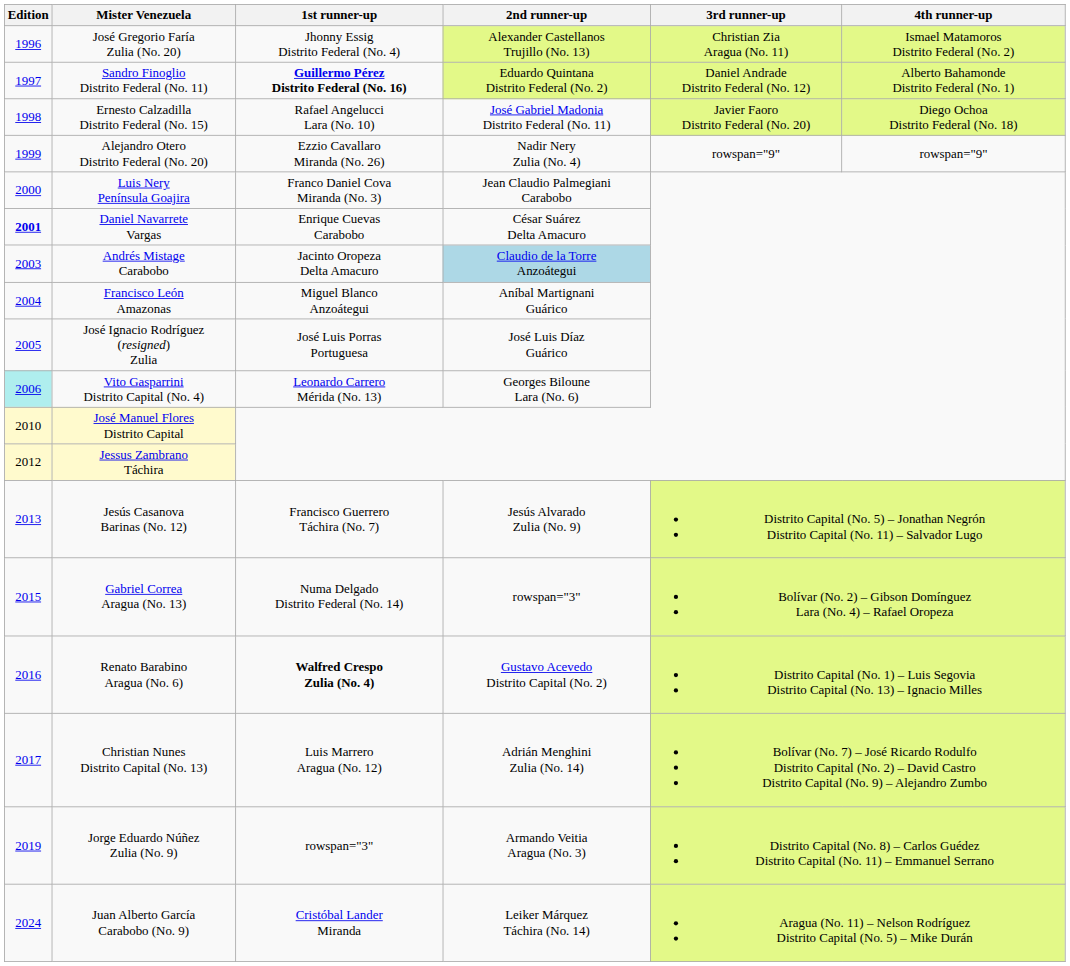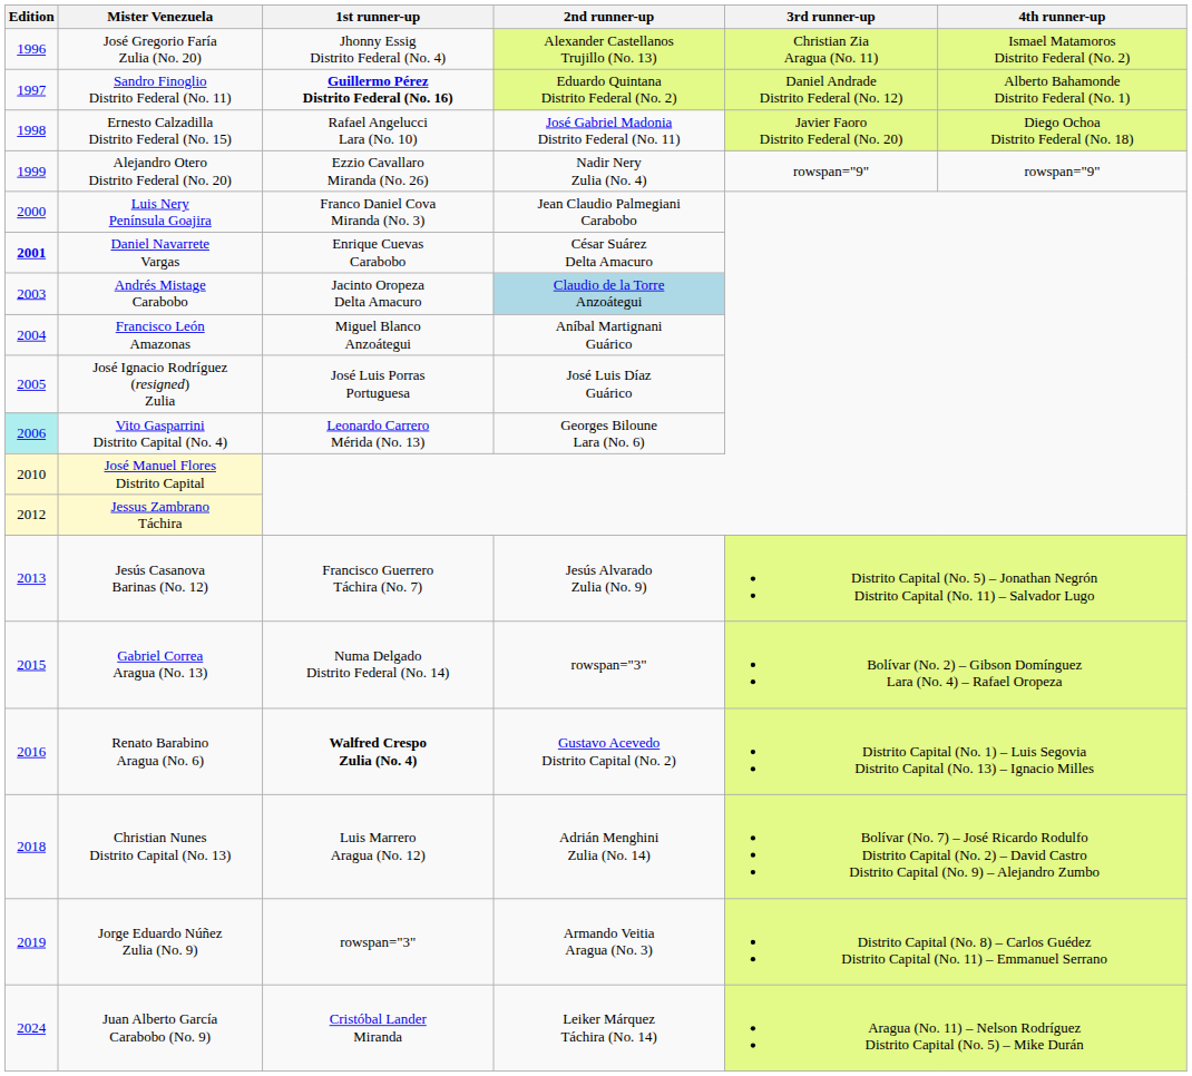 <table class="wikitable sortable" style="font-size: 95%; text-align:center;">
 <tr>
 <th width="50">Edition</th>
 <th width="450">Mister Venezuela<br></th>
 <th width="500">1st runner-up<br></th>
 <th width="500">2nd runner-up<br></th>
 <th width="450">3rd runner-up<br></th>
 <th width="550">4th runner-up<br></th>
 </tr>
 <tr style="text-align:center;">
 <td><a href='#'>1996</a></td>
 <td>José Gregorio Faría<br>Zulia (No. 20)</td>
 <td>Jhonny Essig<br>Distrito Federal (No. 4)</td>
 <td style="background-color:#E3F988;">Alexander Castellanos<br>Trujillo (No. 13)</td>
 <td style="background-color:#E3F988;">Christian Zia<br>Aragua (No. 11)</td>
 <td style="background-color:#E3F988;">Ismael Matamoros<br>Distrito Federal (No. 2)</td>
 </tr>
 <tr style="text-align:center;">
 <td><a href='#'>1997</a></td>
 <td><a href='#'>Sandro Finoglio</a><br>Distrito Federal (No. 11)</td>
 <td><strong><a href='#'>Guillermo Pérez</a><br>Distrito Federal (No. 16)</strong></td>
 <td style="background-color:#E3F988;">Eduardo Quintana<br>Distrito Federal (No. 2)</td>
 <td style="background-color:#E3F988;">Daniel Andrade<br>Distrito Federal (No. 12)</td>
 <td style="background-color:#E3F988;">Alberto Bahamonde<br>Distrito Federal (No. 1)</td>
 </tr>
 <tr style="text-align:center;">
 <td><a href='#'>1998</a></td>
 <td>Ernesto Calzadilla<br>Distrito Federal (No. 15)</td>
 <td>Rafael Angelucci<br>Lara (No. 10)</td>
 <td><a href='#'>José Gabriel Madonia</a><br>Distrito Federal (No. 11)</td>
 <td style="background-color:#E3F988;">Javier Faoro<br>Distrito Federal (No. 20)</td>
 <td style="background-color:#E3F988;">Diego Ochoa<br>Distrito Federal (No. 18)</td>
 </tr>
 <tr style="text-align:center;">
 <td><a href='#'>1999</a></td>
 <td>Alejandro Otero<br>Distrito Federal (No. 20)</td>
 <td>Ezzio Cavallaro<br>Miranda (No. 26)</td>
 <td>Nadir Nery<br>Zulia (No. 4)</td>
 <td>rowspan="9" </td>
 <td>rowspan="9" </td>
 </tr>
 <tr style="text-align:center;">
 <td><a href='#'>2000</a></td>
 <td><a href='#'>Luis Nery</a><br><a href='#'>Península Goajira</a></td>
 <td>Franco Daniel Cova<br>Miranda (No. 3)</td>
 <td>Jean Claudio Palmegiani<br>Carabobo</td>
 </tr>
 <tr style="text-align:center;">
 <td><strong><a href='#'>2001</a></strong></td>
 <td><a href='#'>Daniel Navarrete</a><br>Vargas</td>
 <td>Enrique Cuevas<br>Carabobo</td>
 <td>César Suárez<br>Delta Amacuro</td>
 </tr>
 <tr style="text-align:center;">
 <td><a href='#'>2003</a></td>
 <td><a href='#'>Andrés Mistage</a><br>Carabobo</td>
 <td>Jacinto Oropeza<br>Delta Amacuro</td>
 <td style="background: lightblue;"><a href='#'>Claudio de la Torre</a><br>Anzoátegui</td>
 </tr>
 <tr style="text-align:center;">
 <td><a href='#'>2004</a></td>
 <td><a href='#'>Francisco León</a><br>Amazonas</td>
 <td>Miguel Blanco<br>Anzoátegui</td>
 <td>Aníbal Martignani<br>Guárico</td>
 </tr>
 <tr style="text-align:center;">
 <td><a href='#'>2005</a></td>
 <td>José Ignacio Rodríguez <br>(<em>resigned</em>)<br>Zulia</td>
 <td>José Luis Porras<br>Portuguesa</td>
 <td>José Luis Díaz<br>Guárico</td>
 </tr>
 <tr style="text-align:center;">
 <td style="background: paleturquoise;"><a href='#'>2006</a></td>
 <td><a href='#'>Vito Gasparrini</a><br>Distrito Capital (No. 4)</td>
 <td><a href='#'>Leonardo Carrero</a><br>Mérida (No. 13)</td>
 <td>Georges Biloune<br>Lara (No. 6)</td>
 </tr>
 <tr style="background-color:#FFFACD;" |>
 <td>2010</td>
 <td><a href='#'>José Manuel Flores</a><br>Distrito Capital</td>
 </tr>
 <tr style="background-color:#FFFACD;" |>
 <td>2012</td>
 <td><a href='#'>Jessus Zambrano</a><br>Táchira</td>
 </tr>
 <tr style="text-align:center;">
 <td><a href='#'>2013</a></td>
 <td>Jesús Casanova<br>Barinas (No. 12)</td>
 <td>Francisco Guerrero<br>Táchira (No. 7)</td>
 <td>Jesús Alvarado<br>Zulia (No. 9)</td>
 <td colspan="2" style="background-color:#E3F988;"><br><ul><li>Distrito Capital (No. 5) – Jonathan Negrón</li><li>Distrito Capital (No. 11) – Salvador Lugo</li></ul></td>
 </tr>
 <tr style="text-align:center;">
 <td><a href='#'>2015</a></td>
 <td><a href='#'>Gabriel Correa</a><br>Aragua (No. 13)</td>
 <td>Numa Delgado<br>Distrito Federal (No. 14)</td>
 <td>rowspan="3" </td>
 <td colspan="2" style="background-color:#E3F988;"><br><ul><li>Bolívar (No. 2) – Gibson Domínguez</li><li>Lara (No. 4) – Rafael Oropeza</li></ul></td>
 </tr>
 <tr style="text-align:center;">
 <td><a href='#'>2016</a></td>
 <td>Renato Barabino<br>Aragua (No. 6)</td>
 <td><strong>Walfred Crespo<br>Zulia (No. 4)</strong></td>
 <td><a href='#'>Gustavo Acevedo</a><br>Distrito Capital (No. 2)</td>
 <td colspan="2" style="background-color:#E3F988;"><br><ul><li>Distrito Capital (No. 1) – Luis Segovia</li><li>Distrito Capital (No. 13) – Ignacio Milles</li></ul></td>
 </tr>
 <tr style="text-align:center;">
-<td><a href='#'>2017</a></td>
+<td><a href='#'>2018</a></td>
 <td>Christian Nunes<br>Distrito Capital (No. 13)</td>
 <td>Luis Marrero<br>Aragua (No. 12)</td>
 <td>Adrián Menghini<br>Zulia (No. 14)</td>
 <td colspan="2" style="background-color:#E3F988;"><br><ul><li>Bolívar (No. 7) – José Ricardo Rodulfo</li><li>Distrito Capital (No. 2) – David Castro</li><li>Distrito Capital (No. 9) – Alejandro Zumbo</li></ul></td>
 </tr>
 <tr style="text-align:center;">
 <td><a href='#'>2019</a></td>
 <td>Jorge Eduardo Núñez<br>Zulia (No. 9)</td>
 <td>rowspan="3" </td>
 <td>Armando Veitia<br>Aragua (No. 3)</td>
 <td colspan="2" style="background-color:#E3F988;"><br><ul><li>Distrito Capital (No. 8) – Carlos Guédez</li><li>Distrito Capital (No. 11) – Emmanuel Serrano</li></ul></td>
 </tr>
 <tr>
 <td><a href='#'>2024</a></td>
 <td>Juan Alberto García<br>Carabobo (No. 9)</td>
 <td><a href='#'>Cristóbal Lander</a><br>Miranda</td>
 <td>Leiker Márquez<br>Táchira (No. 14)</td>
 <td colspan="2" style="background-color:#E3F988;"><br><ul><li>Aragua (No. 11) – Nelson Rodríguez</li><li>Distrito Capital (No. 5) – Mike Durán</li></ul></td>
 </tr>
 </table>
